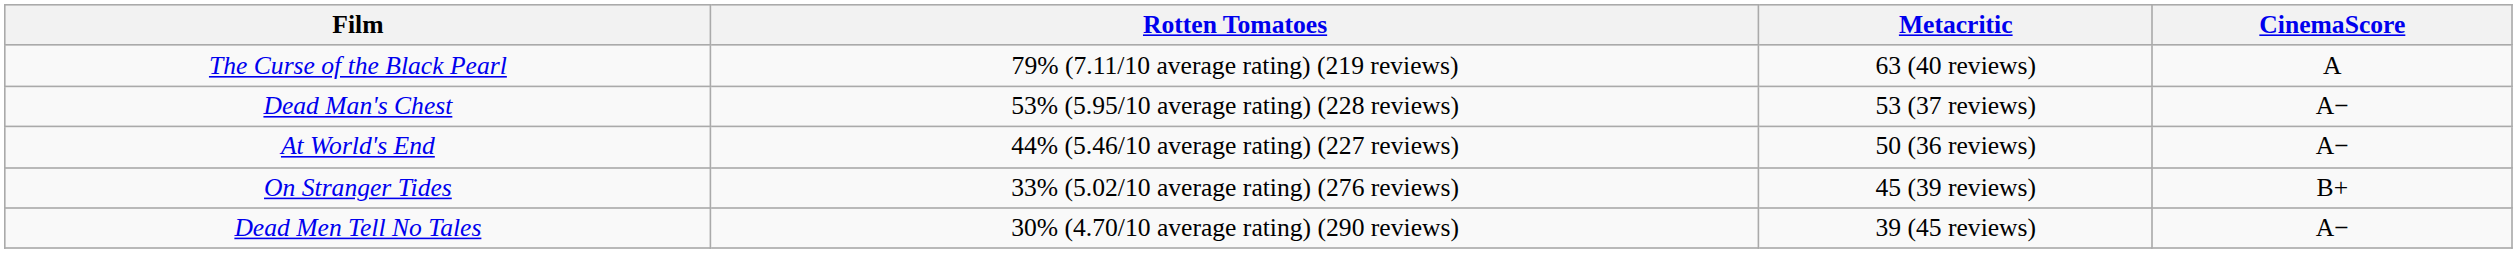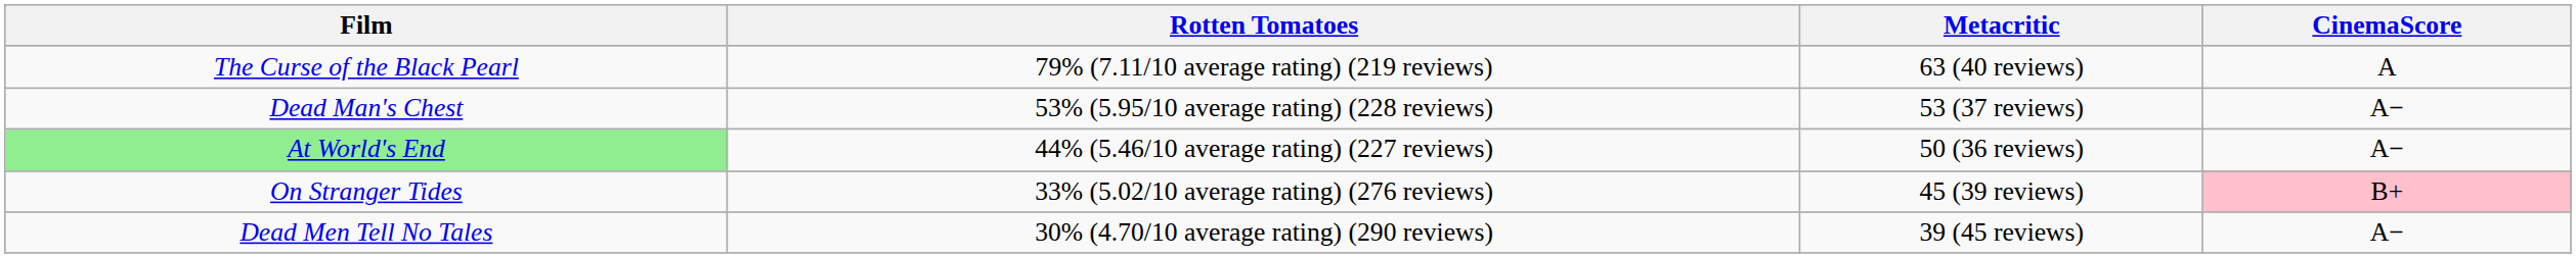 <table class="wikitable sortable" style="width:99%; text-align:center;">
 <tr>
 <th>Film</th>
 <th><a href='#'>Rotten Tomatoes</a></th>
 <th><a href='#'>Metacritic</a></th>
 <th><a href='#'>CinemaScore</a></th>
 </tr>
 <tr>
 <td><em><a href='#'>The Curse of the Black Pearl</a></em></td>
 <td>79% (7.11/10 average rating) (219 reviews)</td>
 <td>63 (40 reviews)</td>
 <td>A</td>
 </tr>
 <tr>
 <td><em><a href='#'>Dead Man's Chest</a></em></td>
 <td>53% (5.95/10 average rating) (228 reviews)</td>
 <td>53 (37 reviews)</td>
 <td>A−</td>
 </tr>
 <tr>
-<td><em><a href='#'>At World's End</a></em></td>
+<td style="background: lightgreen;"><em><a href='#'>At World's End</a></em></td>
 <td>44% (5.46/10 average rating) (227 reviews)</td>
 <td>50 (36 reviews)</td>
 <td>A−</td>
 </tr>
 <tr>
 <td><em><a href='#'>On Stranger Tides</a></em></td>
 <td>33% (5.02/10 average rating) (276 reviews)</td>
 <td>45 (39 reviews)</td>
-<td>B+</td>
+<td style="background: pink;">B+</td>
 </tr>
 <tr>
 <td><em><a href='#'>Dead Men Tell No Tales</a></em></td>
 <td>30% (4.70/10 average rating) (290 reviews)</td>
 <td>39 (45 reviews)</td>
 <td>A−</td>
 </tr>
 </table>
